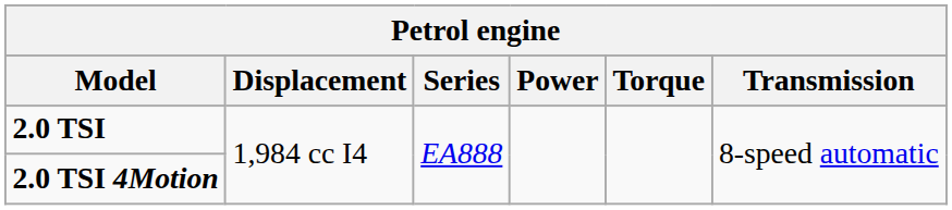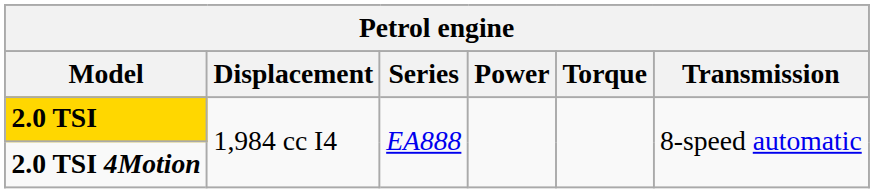 <table class="wikitable" style="text-align:left; font-size:90%;">
 <tr>
 <th colspan="6" >Petrol engine</th>
 </tr>
 <tr>
 <th>Model</th>
 <th>Displacement</th>
 <th>Series</th>
 <th>Power</th>
 <th>Torque</th>
 <th>Transmission</th>
 </tr>
 <tr>
-<td><strong>2.0 TSI</strong></td>
+<td style="background: gold;"><strong>2.0 TSI</strong></td>
 <td rowspan="2">1,984 cc I4</td>
 <td rowspan="2"><em><a href='#'>EA888</a></em></td>
 <td rowspan="2"></td>
 <td rowspan="2"></td>
 <td rowspan="2">8-speed <a href='#'>automatic</a></td>
 </tr>
 <tr>
 <td><strong>2.0 TSI <em>4Motion<strong><em></td>
 </tr>
 </table>
